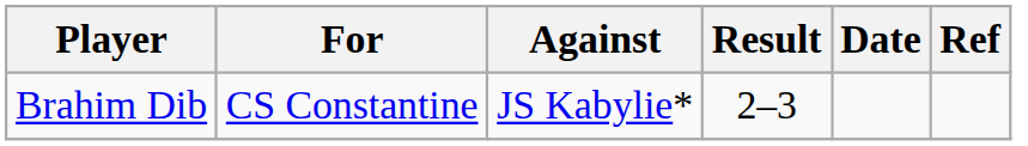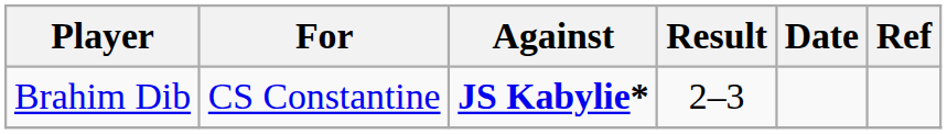 <table class="wikitable" style="font-size: 95%;">
 <tr>
 <th>Player</th>
 <th>For</th>
 <th>Against</th>
 <th style="text-align:center">Result</th>
 <th>Date</th>
 <th>Ref</th>
 </tr>
 <tr>
 <td> <a href='#'>Brahim Dib</a></td>
 <td><a href='#'>CS Constantine</a></td>
-<td><a href='#'>JS Kabylie</a>*</td>
+<td><strong><a href='#'>JS Kabylie</a>*</strong></td>
 <td style="text-align:center;">2–3</td>
 <td></td>
 <td></td>
 </tr>
 <tr>
 </tr>
 </table>
